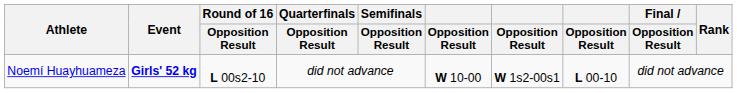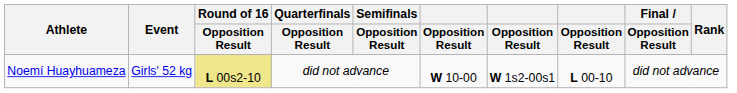 <table class="wikitable" style="font-size:90%">
 <tr>
 <th rowspan="2">Athlete</th>
 <th rowspan="2">Event</th>
 <th>Round of 16</th>
 <th>Quarterfinals</th>
 <th>Semifinals</th>
 <th></th>
 <th></th>
 <th></th>
 <th>Final / </th>
 <th rowspan=2>Rank</th>
 </tr>
 <tr style="font-size:95%">
 <th>Opposition<br>Result</th>
 <th>Opposition<br>Result</th>
 <th>Opposition<br>Result</th>
 <th>Opposition<br>Result</th>
 <th>Opposition<br>Result</th>
 <th>Opposition<br>Result</th>
 <th>Opposition<br>Result</th>
 </tr>
 <tr align=center>
 <td align=left><a href='#'>Noemí Huayhuameza</a></td>
-<td align=left><strong><a href='#'>Girls' 52 kg</a></strong></td>
-<td><br> <strong>L</strong> 00s2-10</td>
+<td align=left><a href='#'>Girls' 52 kg</a></td>
+<td style="background: khaki;"><br> <strong>L</strong> 00s2-10</td>
 <td colspan=2><em>did not advance</em></td>
 <td><br> <strong>W</strong> 10-00</td>
 <td><br> <strong>W</strong> 1s2-00s1</td>
 <td><br> <strong>L</strong> 00-10</td>
 <td colspan=2><em>did not advance</em></td>
 </tr>
 </table>
